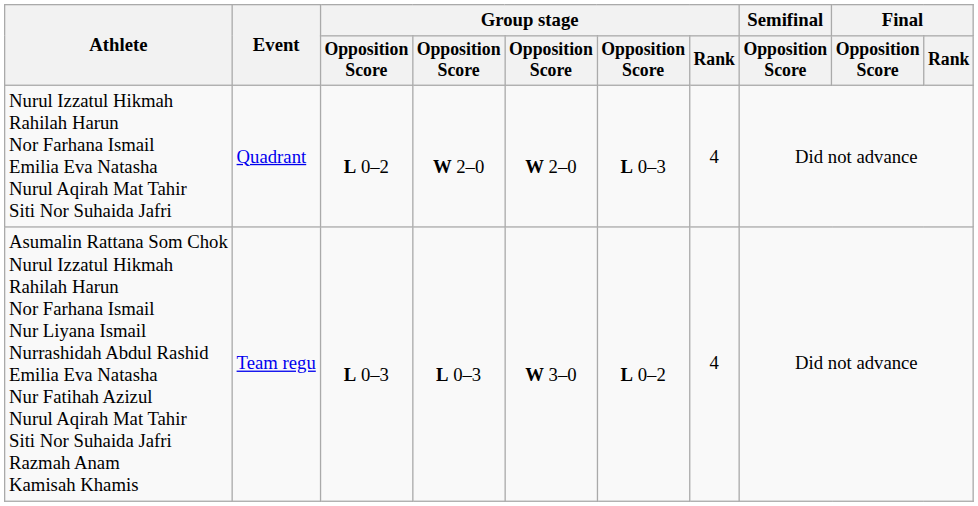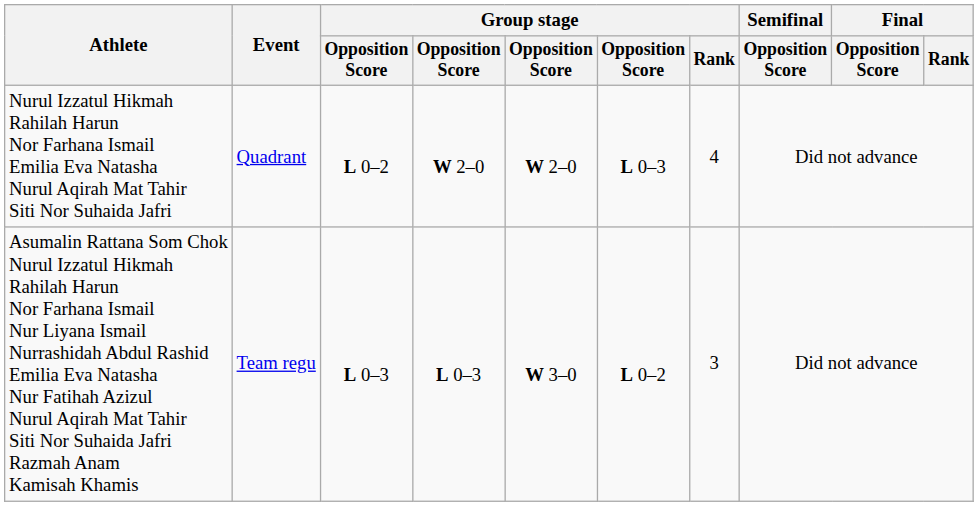 <table class=wikitable style="font-size:90%; text-align:center">
 <tr>
 <th rowspan="2">Athlete</th>
 <th rowspan="2">Event</th>
 <th colspan=5>Group stage</th>
 <th>Semifinal</th>
 <th colspan=2>Final</th>
 </tr>
 <tr style="font-size:95%">
 <th>Opposition<br>Score</th>
 <th>Opposition<br>Score</th>
 <th>Opposition<br>Score</th>
 <th>Opposition<br>Score</th>
 <th>Rank</th>
 <th>Opposition<br>Score</th>
 <th>Opposition<br>Score</th>
 <th>Rank</th>
 </tr>
 <tr>
 <td align=left>Nurul Izzatul Hikmah<br>Rahilah Harun<br>Nor Farhana Ismail<br>Emilia Eva Natasha<br>Nurul Aqirah Mat Tahir<br>Siti Nor Suhaida Jafri</td>
 <td align=left><a href='#'>Quadrant</a></td>
 <td><br><strong>L</strong> 0–2</td>
 <td><br><strong>W</strong> 2–0</td>
 <td><br><strong>W</strong> 2–0</td>
 <td><br><strong>L</strong> 0–3</td>
 <td>4</td>
 <td colspan=3>Did not advance</td>
 </tr>
 <tr>
 <td align=left>Asumalin Rattana Som Chok<br>Nurul Izzatul Hikmah<br>Rahilah Harun<br>Nor Farhana Ismail<br>Nur Liyana Ismail<br>Nurrashidah Abdul Rashid<br>Emilia Eva Natasha<br>Nur Fatihah Azizul<br>Nurul Aqirah Mat Tahir<br>Siti Nor Suhaida Jafri<br>Razmah Anam<br>Kamisah Khamis</td>
 <td align=left><a href='#'>Team regu</a></td>
 <td><br><strong>L</strong> 0–3</td>
 <td><br><strong>L</strong> 0–3</td>
 <td><br><strong>W</strong> 3–0</td>
 <td><br><strong>L</strong> 0–2</td>
-<td>4</td>
+<td>3</td>
 <td colspan=3>Did not advance</td>
 </tr>
 </table>
